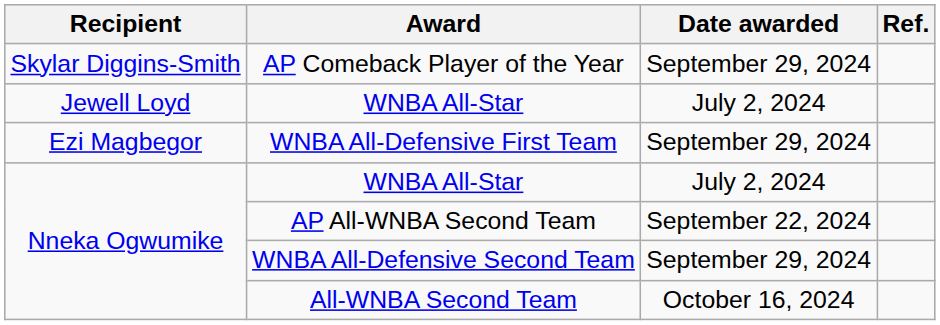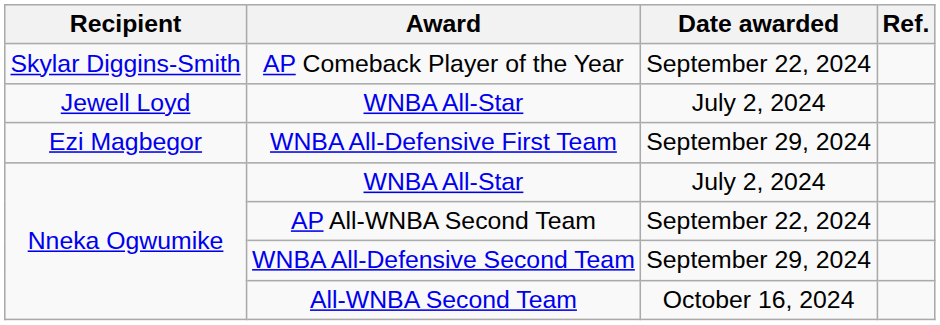 <table class="wikitable sortable sortable" style="text-align: center">
 <tr>
 <th>Recipient</th>
 <th>Award</th>
 <th>Date awarded</th>
 <th>Ref.</th>
 </tr>
 <tr>
 <td><a href='#'>Skylar Diggins-Smith</a></td>
 <td><a href='#'>AP</a> Comeback Player of the Year</td>
-<td>September 29, 2024</td>
+<td>September 22, 2024</td>
 <td></td>
 </tr>
 <tr>
 <td><a href='#'>Jewell Loyd</a></td>
 <td><a href='#'>WNBA All-Star</a></td>
 <td>July 2, 2024</td>
 <td></td>
 </tr>
 <tr>
 <td><a href='#'>Ezi Magbegor</a></td>
 <td><a href='#'>WNBA All-Defensive First Team</a></td>
 <td>September 29, 2024</td>
 <td></td>
 </tr>
 <tr>
 <td rowspan=4><a href='#'>Nneka Ogwumike</a></td>
 <td><a href='#'>WNBA All-Star</a></td>
 <td>July 2, 2024</td>
 <td></td>
 </tr>
 <tr>
 <td><a href='#'>AP</a> All-WNBA Second Team</td>
 <td>September 22, 2024</td>
 <td></td>
 </tr>
 <tr>
 <td><a href='#'>WNBA All-Defensive Second Team</a></td>
 <td>September 29, 2024</td>
 <td></td>
 </tr>
 <tr>
 <td><a href='#'>All-WNBA Second Team</a></td>
 <td>October 16, 2024</td>
 <td></td>
 </tr>
 </table>
